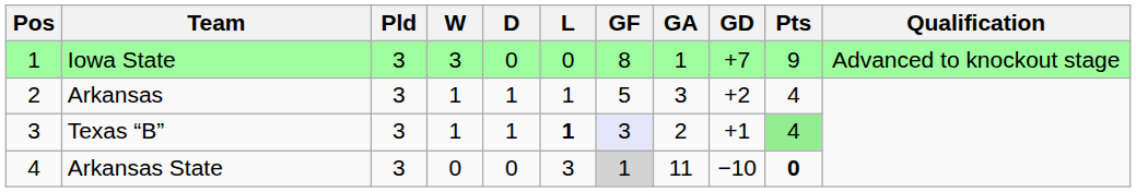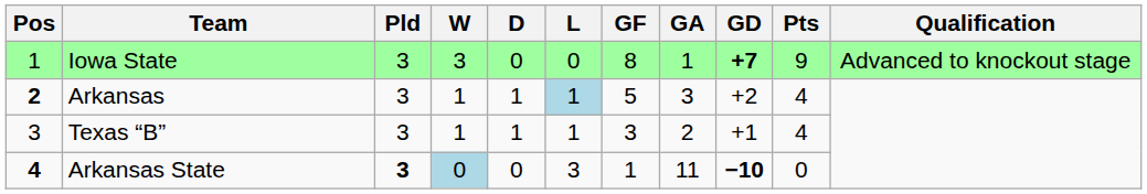 <table class="wikitable" style="text-align:center; margin: 1em auto">
 <tr>
 <th style="width:2em">Pos</th>
 <th style="width:13em">Team</th>
 <th style="width:2em">Pld</th>
 <th style="width:2em">W</th>
 <th style="width:2em">D</th>
 <th style="width:2em">L</th>
 <th style="width:2em">GF</th>
 <th style="width:2em">GA</th>
 <th style="width:2em">GD</th>
 <th style="width:2em">Pts</th>
 <th style="width:13em">Qualification</th>
 </tr>
 <tr bgcolor="#9eff9e">
 <td>1</td>
 <td style="text-align:left">Iowa State</td>
 <td>3</td>
 <td>3</td>
 <td>0</td>
 <td>0</td>
 <td>8</td>
 <td>1</td>
-<td>+7</td>
+<td><strong>+7</strong></td>
 <td>9</td>
 <td>Advanced to knockout stage</td>
 </tr>
 <tr>
-<td>2</td>
+<td><strong>2</strong></td>
 <td style="text-align:left">Arkansas</td>
 <td>3</td>
 <td>1</td>
 <td>1</td>
-<td>1</td>
+<td style="background: lightblue;">1</td>
 <td>5</td>
 <td>3</td>
 <td>+2</td>
 <td>4</td>
 </tr>
 <tr>
 <td>3</td>
 <td style="text-align:left">Texas “B”</td>
 <td>3</td>
 <td>1</td>
 <td>1</td>
-<td><strong>1</strong></td>
-<td style="background: lavender;">3</td>
+<td>1</td>
+<td>3</td>
 <td>2</td>
 <td>+1</td>
-<td style="background: lightgreen;">4</td>
+<td>4</td>
 </tr>
 <tr>
-<td>4</td>
+<td><strong>4</strong></td>
 <td style="text-align:left">Arkansas State</td>
-<td>3</td>
-<td>0</td>
+<td><strong>3</strong></td>
+<td style="background: lightblue;">0</td>
 <td>0</td>
 <td>3</td>
-<td style="background: lightgrey;">1</td>
+<td>1</td>
 <td>11</td>
-<td>−10</td>
-<td><strong>0</strong></td>
+<td><strong>−10</strong></td>
+<td>0</td>
 </tr>
 </table>
